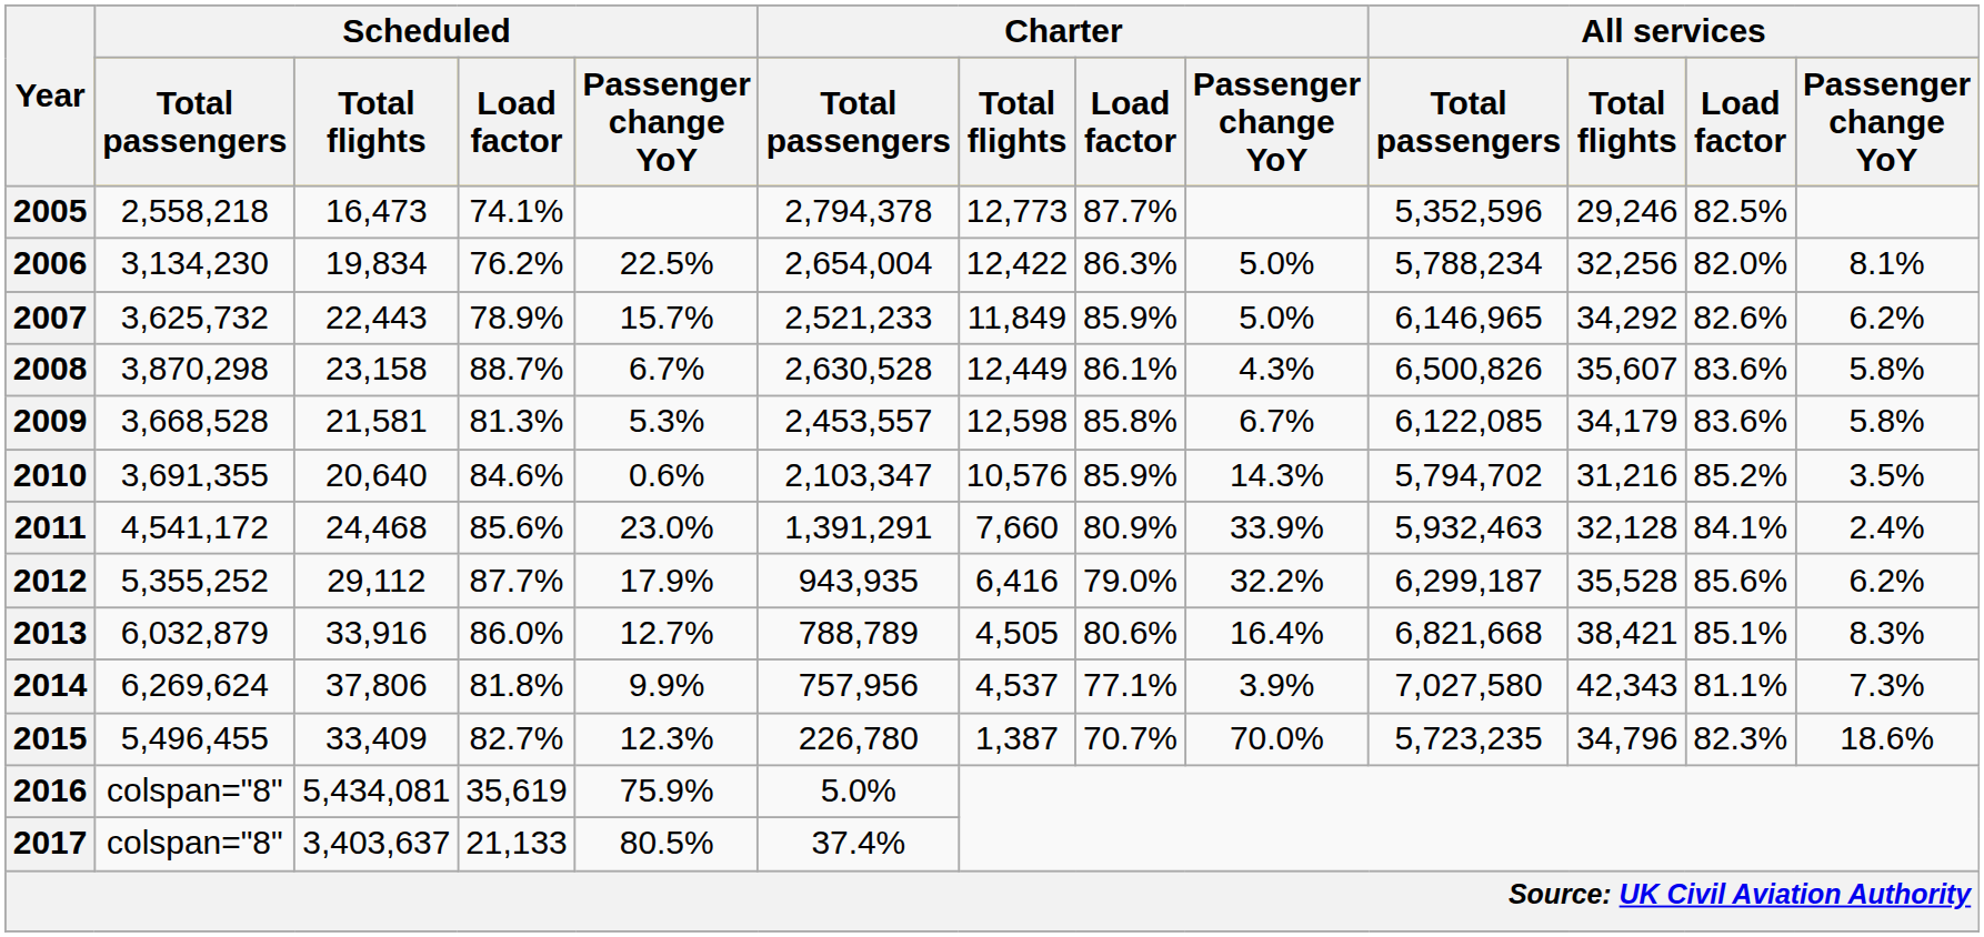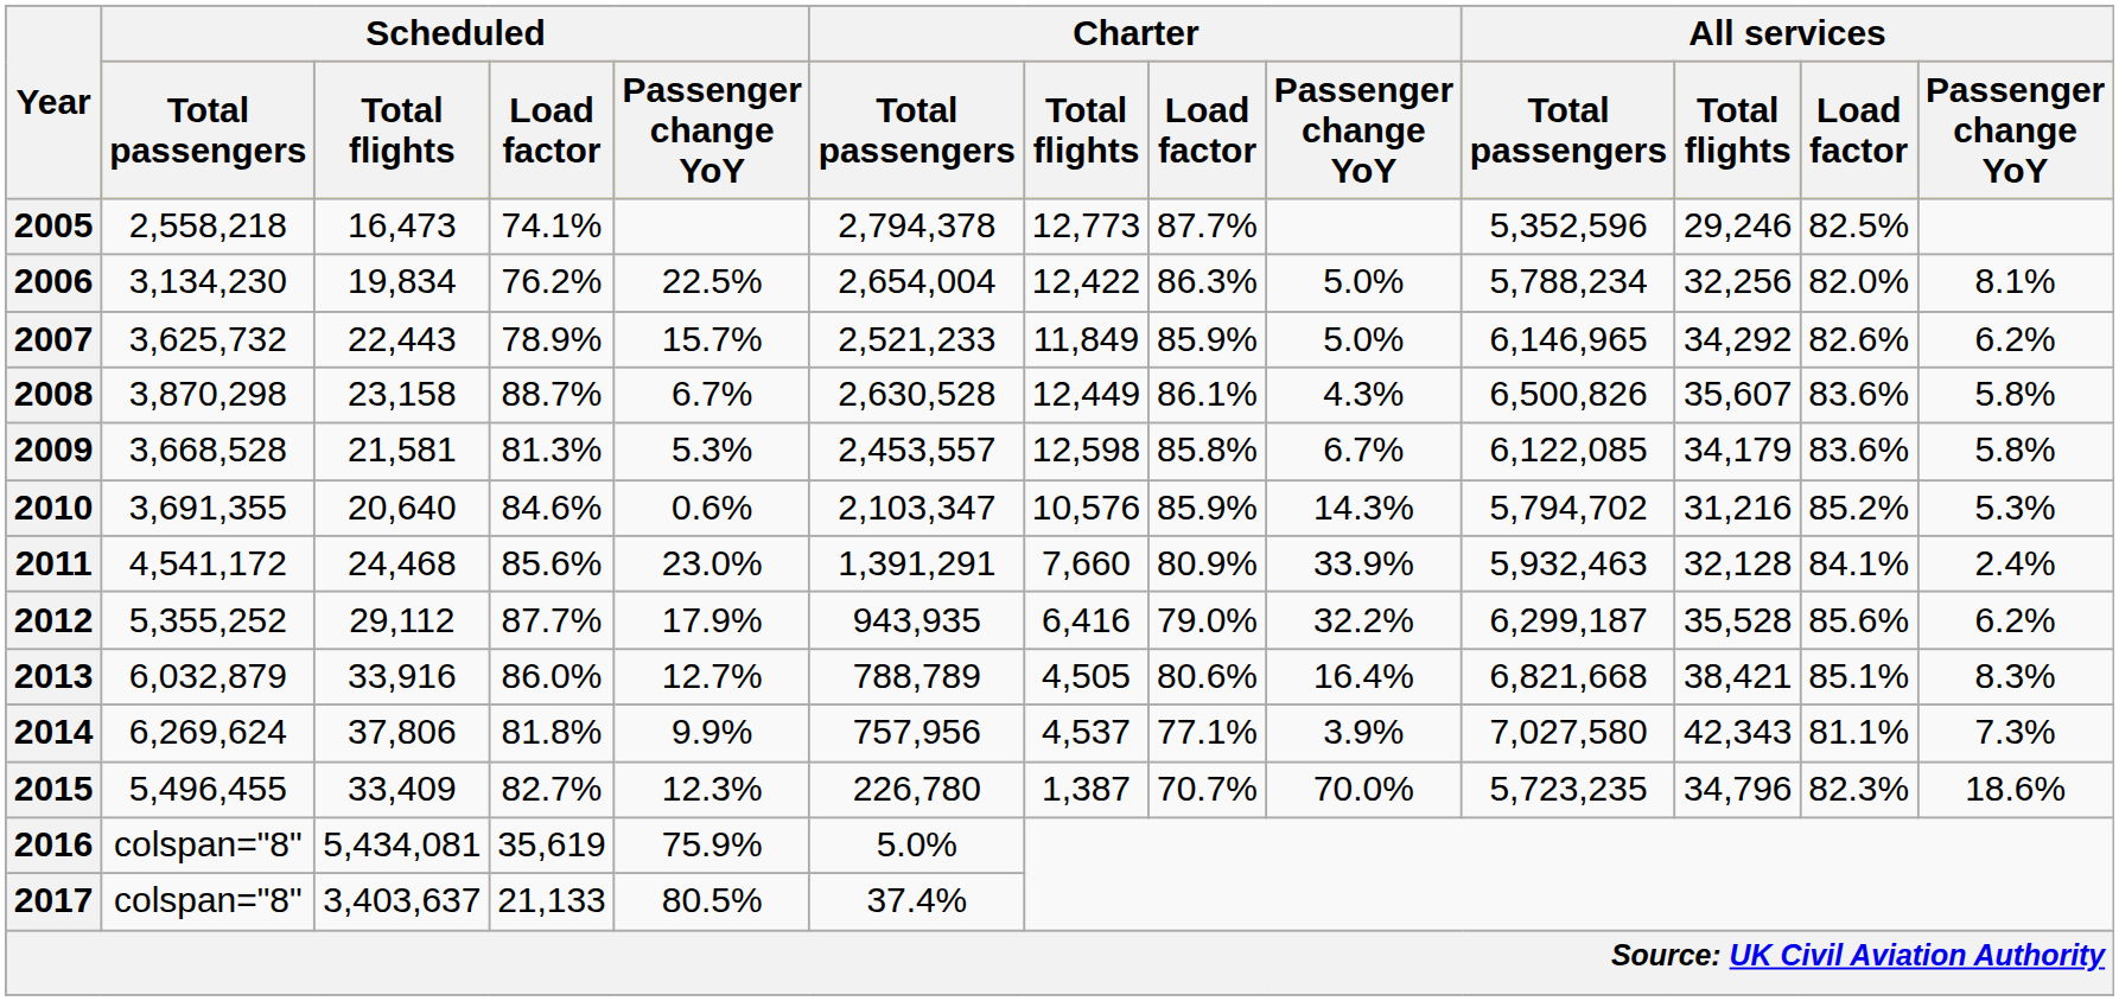 <table class="wikitable" style="text-align:center; width:400px; margin:auto;">
 <tr>
 <th rowspan=2>Year</th>
 <th colspan=4>Scheduled</th>
 <th colspan=4>Charter</th>
 <th colspan=4>All services</th>
 </tr>
 <tr style="background:gold;">
 <th style="width:75px">Total passengers</th>
 <th>Total flights</th>
 <th>Load factor</th>
 <th>Passenger change YoY</th>
 <th>Total passengers</th>
 <th>Total flights</th>
 <th>Load factor</th>
 <th>Passenger change YoY</th>
 <th>Total passengers</th>
 <th>Total flights</th>
 <th>Load factor</th>
 <th>Passenger change YoY</th>
 </tr>
 <tr>
 <th>2005</th>
 <td>2,558,218</td>
 <td>16,473</td>
 <td>74.1%</td>
 <td></td>
 <td>2,794,378</td>
 <td>12,773</td>
 <td>87.7%</td>
 <td></td>
 <td>5,352,596</td>
 <td>29,246</td>
 <td>82.5%</td>
 <td></td>
 </tr>
 <tr>
 <th>2006</th>
 <td>3,134,230</td>
 <td>19,834</td>
 <td>76.2%</td>
 <td>22.5%</td>
 <td>2,654,004</td>
 <td>12,422</td>
 <td>86.3%</td>
 <td>5.0%</td>
 <td>5,788,234</td>
 <td>32,256</td>
 <td>82.0%</td>
 <td>8.1%</td>
 </tr>
 <tr>
 <th>2007</th>
 <td>3,625,732</td>
 <td>22,443</td>
 <td>78.9%</td>
 <td>15.7%</td>
 <td>2,521,233</td>
 <td>11,849</td>
 <td>85.9%</td>
 <td>5.0%</td>
 <td>6,146,965</td>
 <td>34,292</td>
 <td>82.6%</td>
 <td>6.2%</td>
 </tr>
 <tr>
 <th>2008</th>
 <td>3,870,298</td>
 <td>23,158</td>
 <td>88.7%</td>
 <td>6.7%</td>
 <td>2,630,528</td>
 <td>12,449</td>
 <td>86.1%</td>
 <td>4.3%</td>
 <td>6,500,826</td>
 <td>35,607</td>
 <td>83.6%</td>
 <td>5.8%</td>
 </tr>
 <tr>
 <th>2009</th>
 <td>3,668,528</td>
 <td>21,581</td>
 <td>81.3%</td>
 <td>5.3%</td>
 <td>2,453,557</td>
 <td>12,598</td>
 <td>85.8%</td>
 <td>6.7%</td>
 <td>6,122,085</td>
 <td>34,179</td>
 <td>83.6%</td>
 <td>5.8%</td>
 </tr>
 <tr>
 <th>2010</th>
 <td>3,691,355</td>
 <td>20,640</td>
 <td>84.6%</td>
 <td>0.6%</td>
 <td>2,103,347</td>
 <td>10,576</td>
 <td>85.9%</td>
 <td>14.3%</td>
 <td>5,794,702</td>
 <td>31,216</td>
 <td>85.2%</td>
-<td>3.5%</td>
+<td>5.3%</td>
 </tr>
 <tr>
 <th>2011</th>
 <td>4,541,172</td>
 <td>24,468</td>
 <td>85.6%</td>
 <td>23.0%</td>
 <td>1,391,291</td>
 <td>7,660</td>
 <td>80.9%</td>
 <td>33.9%</td>
 <td>5,932,463</td>
 <td>32,128</td>
 <td>84.1%</td>
 <td>2.4%</td>
 </tr>
 <tr>
 <th>2012</th>
 <td>5,355,252</td>
 <td>29,112</td>
 <td>87.7%</td>
 <td>17.9%</td>
 <td>943,935</td>
 <td>6,416</td>
 <td>79.0%</td>
 <td>32.2%</td>
 <td>6,299,187</td>
 <td>35,528</td>
 <td>85.6%</td>
 <td>6.2%</td>
 </tr>
 <tr>
 <th>2013</th>
 <td>6,032,879</td>
 <td>33,916</td>
 <td>86.0%</td>
 <td>12.7%</td>
 <td>788,789</td>
 <td>4,505</td>
 <td>80.6%</td>
 <td>16.4%</td>
 <td>6,821,668</td>
 <td>38,421</td>
 <td>85.1%</td>
 <td>8.3%</td>
 </tr>
 <tr>
 <th>2014</th>
 <td>6,269,624</td>
 <td>37,806</td>
 <td>81.8%</td>
 <td>9.9%</td>
 <td>757,956</td>
 <td>4,537</td>
 <td>77.1%</td>
 <td>3.9%</td>
 <td>7,027,580</td>
 <td>42,343</td>
 <td>81.1%</td>
 <td>7.3%</td>
 </tr>
 <tr>
 <th>2015</th>
 <td>5,496,455</td>
 <td>33,409</td>
 <td>82.7%</td>
 <td>12.3%</td>
 <td>226,780</td>
 <td>1,387</td>
 <td>70.7%</td>
 <td>70.0%</td>
 <td>5,723,235</td>
 <td>34,796</td>
 <td>82.3%</td>
 <td>18.6%</td>
 </tr>
 <tr>
 <th>2016</th>
 <td>colspan="8" </td>
 <td>5,434,081</td>
 <td>35,619</td>
 <td>75.9%</td>
 <td>5.0%</td>
 </tr>
 <tr>
 <th>2017</th>
 <td>colspan="8" </td>
 <td>3,403,637</td>
 <td>21,133</td>
 <td>80.5%</td>
 <td>37.4%</td>
 </tr>
 <tr>
 <th colspan="13" style="text-align:right;"><sup><em>Source: <a href='#'>UK Civil Aviation Authority</a></em></sup></th>
 </tr>
 </table>
